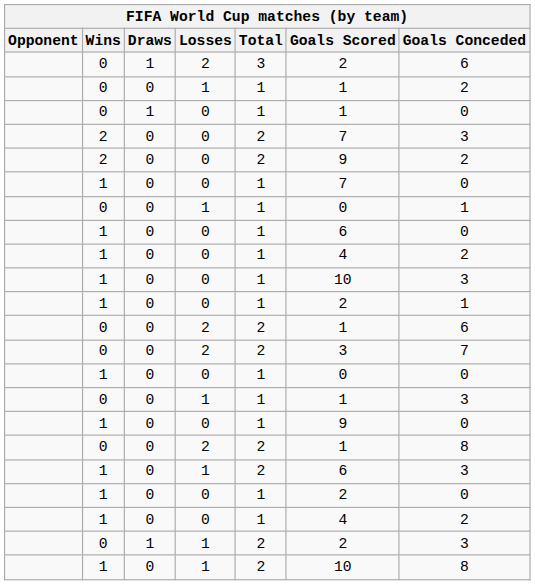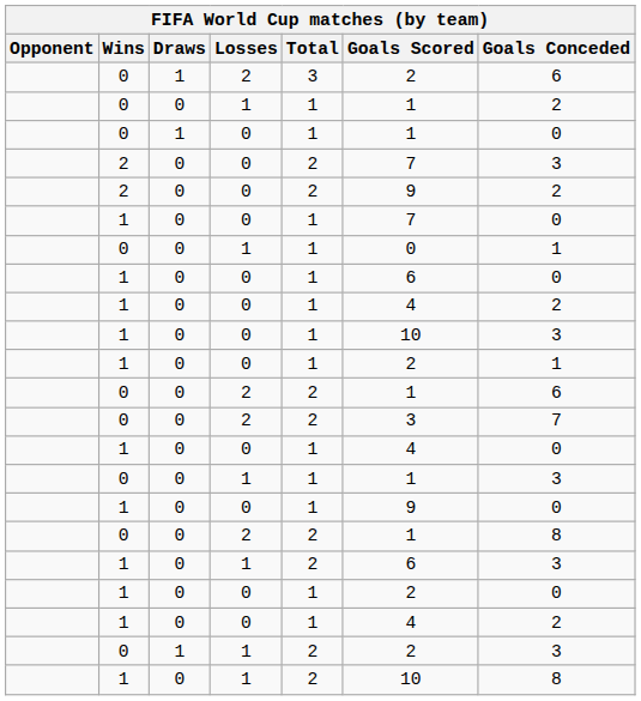 <table class="wikitable sortable" style="text-align: center;">
 <tr>
 <th colspan=7>FIFA World Cup matches (by team)</th>
 </tr>
 <tr>
 <th>Opponent</th>
 <th>Wins</th>
 <th>Draws</th>
 <th>Losses</th>
 <th>Total</th>
 <th>Goals Scored</th>
 <th>Goals Conceded</th>
 </tr>
 <tr>
 <td align="left"></td>
 <td>0</td>
 <td>1</td>
 <td>2</td>
 <td>3</td>
 <td>2</td>
 <td>6</td>
 </tr>
 <tr>
 <td align="left"></td>
 <td>0</td>
 <td>0</td>
 <td>1</td>
 <td>1</td>
 <td>1</td>
 <td>2</td>
 </tr>
 <tr>
 <td align="left"></td>
 <td>0</td>
 <td>1</td>
 <td>0</td>
 <td>1</td>
 <td>1</td>
 <td>0</td>
 </tr>
 <tr>
 <td align="left"></td>
 <td>2</td>
 <td>0</td>
 <td>0</td>
 <td>2</td>
 <td>7</td>
 <td>3</td>
 </tr>
 <tr>
 <td align="left"></td>
 <td>2</td>
 <td>0</td>
 <td>0</td>
 <td>2</td>
 <td>9</td>
 <td>2</td>
 </tr>
 <tr>
 <td align="left"></td>
 <td>1</td>
 <td>0</td>
 <td>0</td>
 <td>1</td>
 <td>7</td>
 <td>0</td>
 </tr>
 <tr>
 <td align="left"></td>
 <td>0</td>
 <td>0</td>
 <td>1</td>
 <td>1</td>
 <td>0</td>
 <td>1</td>
 </tr>
 <tr>
 <td align="left"></td>
 <td>1</td>
 <td>0</td>
 <td>0</td>
 <td>1</td>
 <td>6</td>
 <td>0</td>
 </tr>
 <tr>
 <td align="left"></td>
 <td>1</td>
 <td>0</td>
 <td>0</td>
 <td>1</td>
 <td>4</td>
 <td>2</td>
 </tr>
 <tr>
 <td align="left"></td>
 <td>1</td>
 <td>0</td>
 <td>0</td>
 <td>1</td>
 <td>10</td>
 <td>3</td>
 </tr>
 <tr>
 <td align="left"></td>
 <td>1</td>
 <td>0</td>
 <td>0</td>
 <td>1</td>
 <td>2</td>
 <td>1</td>
 </tr>
 <tr>
 <td align="left"></td>
 <td>0</td>
 <td>0</td>
 <td>2</td>
 <td>2</td>
 <td>1</td>
 <td>6</td>
 </tr>
 <tr>
 <td align="left"></td>
 <td>0</td>
 <td>0</td>
 <td>2</td>
 <td>2</td>
 <td>3</td>
 <td>7</td>
 </tr>
 <tr>
 <td align="left"></td>
 <td>1</td>
 <td>0</td>
 <td>0</td>
 <td>1</td>
-<td>0</td>
+<td>4</td>
 <td>0</td>
 </tr>
 <tr>
 <td align="left"></td>
 <td>0</td>
 <td>0</td>
 <td>1</td>
 <td>1</td>
 <td>1</td>
 <td>3</td>
 </tr>
 <tr>
 <td align="left"></td>
 <td>1</td>
 <td>0</td>
 <td>0</td>
 <td>1</td>
 <td>9</td>
 <td>0</td>
 </tr>
 <tr>
 <td align="left"></td>
 <td>0</td>
 <td>0</td>
 <td>2</td>
 <td>2</td>
 <td>1</td>
 <td>8</td>
 </tr>
 <tr>
 <td align="left"></td>
 <td>1</td>
 <td>0</td>
 <td>1</td>
 <td>2</td>
 <td>6</td>
 <td>3</td>
 </tr>
 <tr>
 <td align="left"></td>
 <td>1</td>
 <td>0</td>
 <td>0</td>
 <td>1</td>
 <td>2</td>
 <td>0</td>
 </tr>
 <tr>
 <td align="left"></td>
 <td>1</td>
 <td>0</td>
 <td>0</td>
 <td>1</td>
 <td>4</td>
 <td>2</td>
 </tr>
 <tr>
 <td align="left"></td>
 <td>0</td>
 <td>1</td>
 <td>1</td>
 <td>2</td>
 <td>2</td>
 <td>3</td>
 </tr>
 <tr>
 <td align="left"></td>
 <td>1</td>
 <td>0</td>
 <td>1</td>
 <td>2</td>
 <td>10</td>
 <td>8</td>
 </tr>
 </table>
